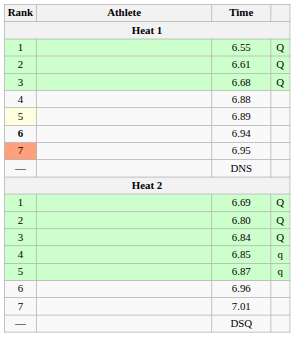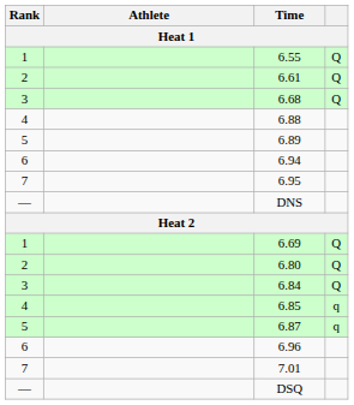 <table class=wikitable style="text-align:center">
 <tr>
 <th width=40>Rank</th>
 <th width=250>Athlete</th>
 <th width=80>Time</th>
 <th width=20></th>
 </tr>
 <tr>
 <th colspan=4>Heat 1</th>
 </tr>
 <tr bgcolor="ccffcc">
 <td>1</td>
 <td align=left></td>
 <td>6.55</td>
 <td>Q</td>
 </tr>
 <tr bgcolor="ccffcc">
 <td>2</td>
 <td align=left></td>
 <td>6.61</td>
 <td>Q</td>
 </tr>
 <tr bgcolor="ccffcc">
 <td>3</td>
 <td align=left></td>
 <td>6.68</td>
 <td>Q</td>
 </tr>
 <tr>
 <td>4</td>
 <td align=left></td>
 <td>6.88</td>
 <td></td>
 </tr>
 <tr>
-<td style="background: lightyellow;">5</td>
+<td>5</td>
 <td align=left></td>
 <td>6.89</td>
 <td></td>
 </tr>
 <tr>
-<td><strong>6</strong></td>
+<td>6</td>
 <td align=left></td>
 <td>6.94</td>
 <td></td>
 </tr>
 <tr>
-<td style="background: lightsalmon;">7</td>
+<td>7</td>
 <td align=left></td>
 <td>6.95</td>
 <td></td>
 </tr>
 <tr>
 <td>—</td>
 <td align=left></td>
 <td>DNS</td>
 <td></td>
 </tr>
 <tr>
 <th colspan=4>Heat 2</th>
 </tr>
 <tr bgcolor="ccffcc">
 <td>1</td>
 <td align=left></td>
 <td>6.69</td>
 <td>Q</td>
 </tr>
 <tr bgcolor="ccffcc">
 <td>2</td>
 <td align=left></td>
 <td>6.80</td>
 <td>Q</td>
 </tr>
 <tr bgcolor="ccffcc">
 <td>3</td>
 <td align=left></td>
 <td>6.84</td>
 <td>Q</td>
 </tr>
 <tr bgcolor="ccffcc">
 <td>4</td>
 <td align=left></td>
 <td>6.85</td>
 <td>q</td>
 </tr>
 <tr bgcolor="ccffcc">
 <td>5</td>
 <td align=left></td>
 <td>6.87</td>
 <td>q</td>
 </tr>
 <tr>
 <td>6</td>
 <td align=left></td>
 <td>6.96</td>
 <td></td>
 </tr>
 <tr>
 <td>7</td>
 <td align=left></td>
 <td>7.01</td>
 <td></td>
 </tr>
 <tr>
 <td>—</td>
 <td align=left></td>
 <td>DSQ</td>
 <td></td>
 </tr>
 </table>
